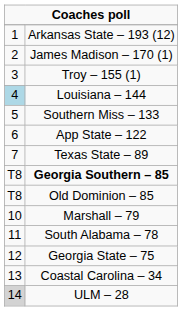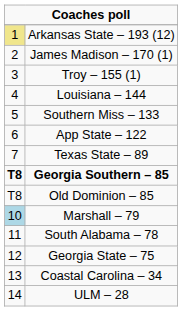 <table class="wikitable" style="display: inline-table;">
 <tr>
 <td align="center" Colspan="3"><strong>Coaches poll</strong></td>
 </tr>
 <tr align="center">
 </tr>
 <tr align="center">
-<td>1</td>
+<td style="background: khaki;">1</td>
 <td>Arkansas State – 193 (12)</td>
 </tr>
 <tr align="center">
 <td>2</td>
 <td>James Madison – 170 (1)</td>
 </tr>
 <tr align="center">
 <td>3</td>
 <td>Troy – 155 (1)</td>
 </tr>
 <tr align="center">
-<td style="background: lightblue;">4</td>
+<td>4</td>
 <td>Louisiana – 144</td>
 </tr>
 <tr align="center">
 <td>5</td>
 <td>Southern Miss – 133</td>
 </tr>
 <tr align="center">
 <td>6</td>
 <td>App State – 122</td>
 </tr>
 <tr align="center">
 <td>7</td>
 <td>Texas State – 89</td>
 </tr>
 <tr align="center">
-<td>T8</td>
+<td><strong>T8</strong></td>
 <td><strong>Georgia Southern – 85</strong></td>
 </tr>
 <tr align="center">
 <td>T8</td>
 <td>Old Dominion – 85</td>
 </tr>
 <tr align="center">
-<td>10</td>
+<td style="background: lightblue;">10</td>
 <td>Marshall – 79</td>
 </tr>
 <tr align="center">
 <td>11</td>
 <td>South Alabama – 78</td>
 </tr>
 <tr align="center">
 <td>12</td>
 <td>Georgia State – 75</td>
 </tr>
 <tr align="center">
 <td>13</td>
 <td>Coastal Carolina – 34</td>
 </tr>
 <tr align="center">
-<td style="background: lightgrey;">14</td>
+<td>14</td>
 <td>ULM – 28</td>
 </tr>
 </table>
